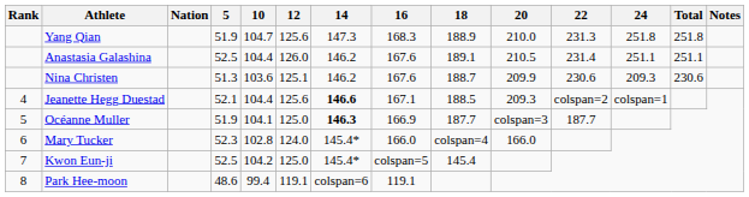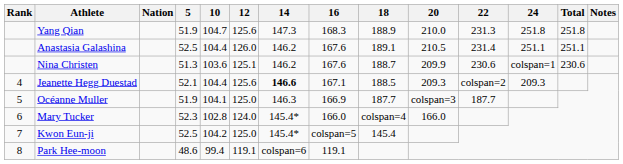 <table class="wikitable sortable" style="text-align:center">
 <tr>
 <th>Rank</th>
 <th>Athlete</th>
 <th>Nation</th>
 <th class="sortable">5</th>
 <th class="sortable">10</th>
 <th class="sortable">12</th>
 <th class="sortable">14</th>
 <th class="sortable">16</th>
 <th class="sortable">18</th>
 <th class="sortable">20</th>
 <th class="sortable">22</th>
 <th class="sortable">24</th>
 <th>Total</th>
 <th class="unsortable">Notes</th>
 </tr>
 <tr>
 <td></td>
 <td align=left><a href='#'>Yang Qian</a></td>
 <td align=left></td>
 <td>51.9</td>
 <td>104.7</td>
 <td>125.6</td>
 <td>147.3</td>
 <td>168.3</td>
 <td>188.9</td>
 <td>210.0</td>
 <td>231.3</td>
 <td>251.8</td>
 <td>251.8</td>
 <td></td>
 </tr>
 <tr>
 <td></td>
 <td align=left><a href='#'>Anastasia Galashina</a></td>
 <td align=left></td>
 <td>52.5</td>
 <td>104.4</td>
 <td>126.0</td>
 <td>146.2</td>
 <td>167.6</td>
 <td>189.1</td>
 <td>210.5</td>
 <td>231.4</td>
 <td>251.1</td>
 <td>251.1</td>
 <td></td>
 </tr>
 <tr>
 <td></td>
 <td align=left><a href='#'>Nina Christen</a></td>
 <td align=left></td>
 <td>51.3</td>
 <td>103.6</td>
 <td>125.1</td>
 <td>146.2</td>
 <td>167.6</td>
 <td>188.7</td>
 <td>209.9</td>
 <td>230.6</td>
-<td>209.3</td>
+<td>colspan=1 </td>
 <td>230.6</td>
 <td></td>
 </tr>
 <tr>
 <td>4</td>
 <td align=left><a href='#'>Jeanette Hegg Duestad</a></td>
 <td align=left></td>
 <td>52.1</td>
 <td>104.4</td>
 <td>125.6</td>
 <td><strong>146.6</strong></td>
 <td>167.1</td>
 <td>188.5</td>
 <td>209.3</td>
 <td>colspan=2 </td>
-<td>colspan=1 </td>
+<td>209.3</td>
 <td></td>
 </tr>
 <tr>
 <td>5</td>
 <td align=left><a href='#'>Océanne Muller</a></td>
 <td align=left></td>
 <td>51.9</td>
 <td>104.1</td>
 <td>125.0</td>
-<td><strong>146.3</strong></td>
+<td>146.3</td>
 <td>166.9</td>
 <td>187.7</td>
 <td>colspan=3 </td>
 <td>187.7</td>
 <td></td>
 </tr>
 <tr>
 <td>6</td>
 <td align=left><a href='#'>Mary Tucker</a></td>
 <td align=left></td>
 <td>52.3</td>
 <td>102.8</td>
 <td>124.0</td>
 <td>145.4*</td>
 <td>166.0</td>
 <td>colspan=4 </td>
 <td>166.0</td>
 <td></td>
 </tr>
 <tr>
 <td>7</td>
 <td align=left><a href='#'>Kwon Eun-ji</a></td>
 <td align=left></td>
 <td>52.5</td>
 <td>104.2</td>
 <td>125.0</td>
 <td>145.4*</td>
 <td>colspan=5 </td>
 <td>145.4</td>
 <td></td>
 </tr>
 <tr>
 <td>8</td>
 <td align=left><a href='#'>Park Hee-moon</a></td>
 <td align=left></td>
 <td>48.6</td>
 <td>99.4</td>
 <td>119.1</td>
 <td>colspan=6 </td>
 <td>119.1</td>
 <td></td>
 </tr>
 </table>
